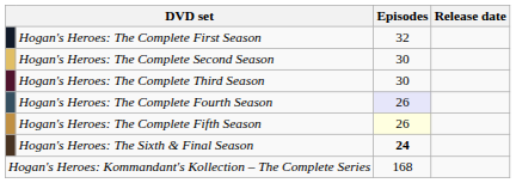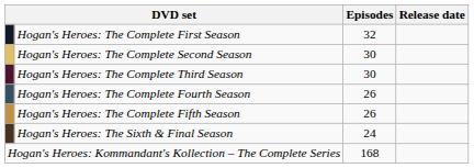 <table class=wikitable style="text-align:center">
 <tr>
 <th colspan=2>DVD set</th>
 <th>Episodes</th>
 <th>Release date</th>
 </tr>
 <tr>
 <td style="width:5px; background:#111a29"></td>
 <td align="left"><em>Hogan's Heroes: The Complete First Season</em></td>
 <td>32</td>
 <td></td>
 </tr>
 <tr>
 <td bgcolor="e1bf65"></td>
 <td align="left"><em>Hogan's Heroes: The Complete Second Season</em></td>
 <td>30</td>
 <td></td>
 </tr>
 <tr>
 <td bgcolor="4f132d"></td>
 <td align="left"><em>Hogan's Heroes: The Complete Third Season</em></td>
 <td>30</td>
 <td></td>
 </tr>
 <tr>
 <td bgcolor="365061"></td>
 <td align="left"><em>Hogan's Heroes: The Complete Fourth Season</em></td>
-<td style="background: lavender;">26</td>
+<td>26</td>
 <td></td>
 </tr>
 <tr>
 <td bgcolor="C09043"></td>
 <td align="left"><em>Hogan's Heroes: The Complete Fifth Season</em></td>
-<td style="background: lightyellow;">26</td>
+<td>26</td>
 <td></td>
 </tr>
 <tr>
 <td bgcolor="483322"></td>
 <td align="left"><em>Hogan's Heroes: The Sixth & Final Season</em></td>
-<td><strong>24</strong></td>
+<td>24</td>
 <td></td>
 </tr>
 <tr>
 <td colspan=2 align="left"><em>Hogan's Heroes: Kommandant's Kollection – The Complete Series</em></td>
 <td>168</td>
 <td></td>
 </tr>
 </table>
